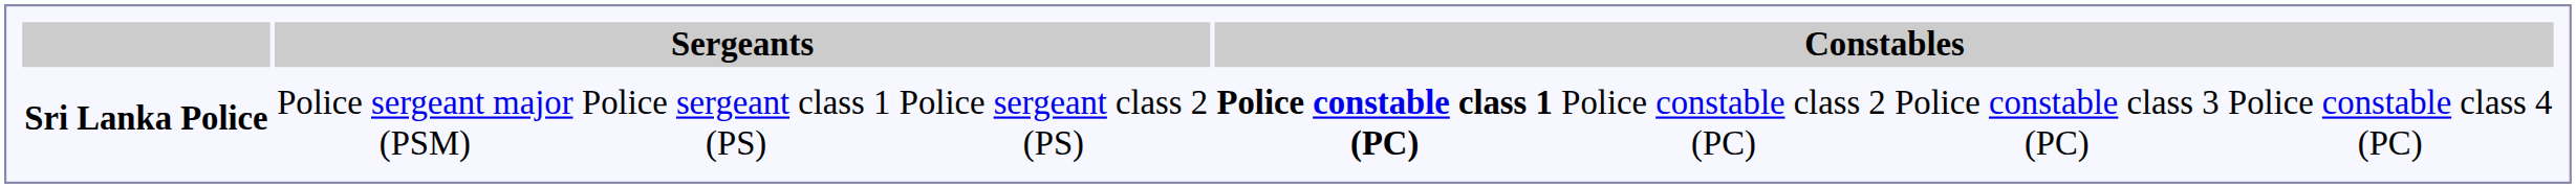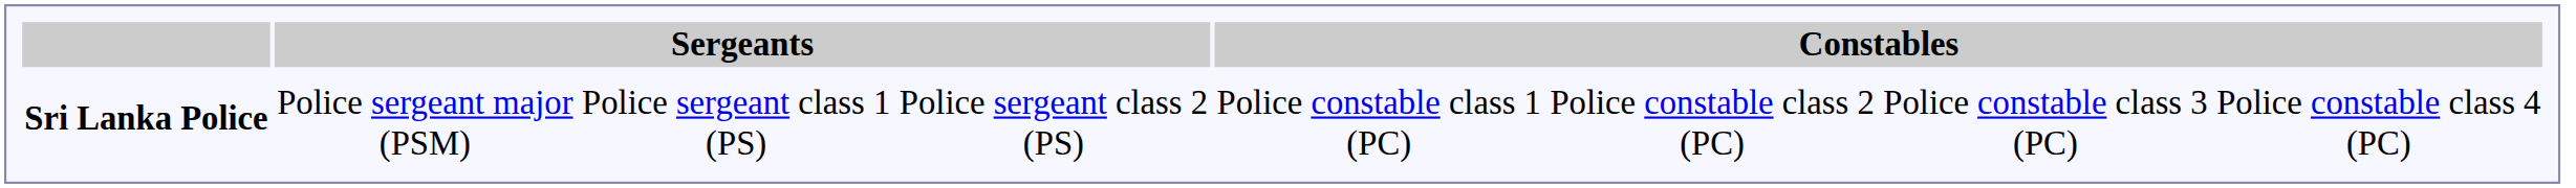 <table style="border:1px solid #8888aa; background:#f7f8ff; padding:5px; font-size:95%; margin:0 12px 12px 0;">
 <tr style="background:#ccc;">
 <th></th>
 <th colspan=3>Sergeants</th>
 <th colspan=4>Constables</th>
 </tr>
 <tr style="text-align:center">
 <th Rowspan=2> Sri Lanka Police</th>
 <td></td>
 <td></td>
 <td></td>
 <td></td>
 <td></td>
 <td></td>
 <td></td>
 </tr>
 <tr style="text-align:center">
 <td>Police <a href='#'>sergeant major</a><br>(PSM)</td>
 <td>Police <a href='#'>sergeant</a> class 1<br>(PS)</td>
 <td>Police <a href='#'>sergeant</a> class 2<br>(PS)</td>
-<td><strong>Police <a href='#'>constable</a> class 1<br>(PC)</strong></td>
+<td>Police <a href='#'>constable</a> class 1<br>(PC)</td>
 <td>Police <a href='#'>constable</a> class 2<br>(PC)</td>
 <td>Police <a href='#'>constable</a> class 3<br>(PC)</td>
 <td>Police <a href='#'>constable</a> class 4<br>(PC)</td>
 </tr>
 </table>
